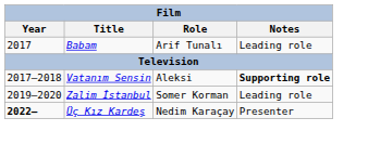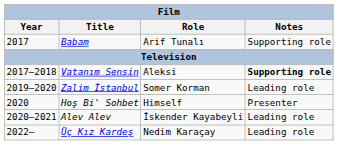 <table class="wikitable">
 <tr>
 <th colspan="4" style="background:LightSteelBlue">Film</th>
 </tr>
 <tr>
 <th>Year</th>
 <th>Title</th>
 <th>Role</th>
 <th>Notes</th>
 </tr>
 <tr>
 <td>2017</td>
 <td><em><a href='#'>Babam</a></em></td>
 <td>Arif Tunalı</td>
-<td>Leading role</td>
+<td>Supporting role</td>
 </tr>
 <tr>
 <th colspan="4" style="background:LightSteelBlue">Television</th>
 </tr>
 <tr>
 <td>2017–2018</td>
 <td><em><a href='#'>Vatanım Sensin</a></em></td>
 <td>Aleksi</td>
 <td><strong>Supporting role</strong></td>
 </tr>
 <tr>
 <td>2019–2020</td>
 <td><em><a href='#'>Zalim İstanbul</a></em></td>
 <td>Somer Korman</td>
 <td>Leading role</td>
 </tr>
 <tr>
-<td><strong>2022–</strong></td>
+<td>2020</td>
+<td><em>Hoş Bi' Sohbet</em></td>
+<td>Himself</td>
+<td>Presenter</td>
+</tr>
+<tr>
+<td>2020–2021</td>
+<td><em>Alev Alev</em></td>
+<td>İskender Kayabeyli</td>
+<td>Leading role</td>
+</tr>
+<tr>
+<td>2022–</td>
 <td><em><a href='#'>Üç Kız Kardeş</a></em></td>
 <td>Nedim Karaçay</td>
-<td>Presenter</td>
+<td>Leading role</td>
 </tr>
 </table>
